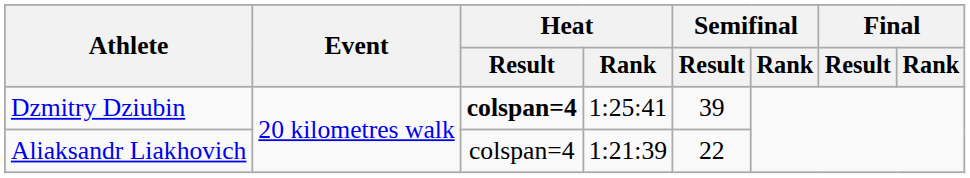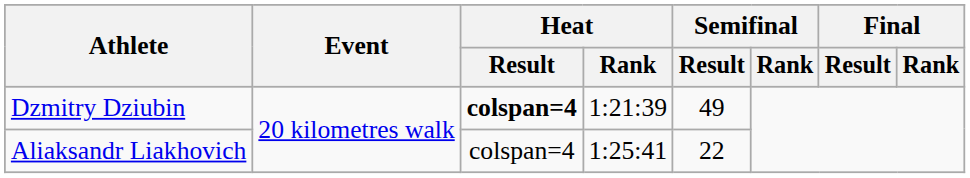 <table class=wikitable style=font-size:90%>
 <tr>
 <th rowspan=2>Athlete</th>
 <th rowspan=2>Event</th>
 <th colspan=2>Heat</th>
 <th colspan=2>Semifinal</th>
 <th colspan=2>Final</th>
 </tr>
 <tr style=font-size:95%>
 <th>Result</th>
 <th>Rank</th>
 <th>Result</th>
 <th>Rank</th>
 <th>Result</th>
 <th>Rank</th>
 </tr>
 <tr align=center>
 <td align=left><a href='#'>Dzmitry Dziubin</a></td>
 <td align=left rowspan=2><a href='#'>20 kilometres walk</a></td>
 <td><strong>colspan=4 </strong></td>
-<td>1:25:41</td>
-<td>39</td>
+<td>1:21:39</td>
+<td>49</td>
 </tr>
 <tr align=center>
 <td align=left><a href='#'>Aliaksandr Liakhovich</a></td>
 <td>colspan=4 </td>
-<td>1:21:39</td>
+<td>1:25:41</td>
 <td>22</td>
 </tr>
 </table>
